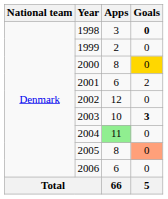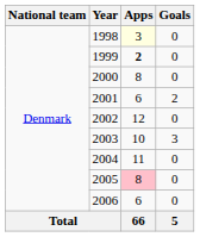 <table class="wikitable" style="text-align:center">
 <tr>
 <th>National team</th>
 <th>Year</th>
 <th>Apps</th>
 <th>Goals</th>
 </tr>
 <tr>
 <td rowspan="9"><a href='#'>Denmark</a></td>
 <td>1998</td>
-<td>3</td>
-<td><strong>0</strong></td>
+<td style="background: lightyellow;">3</td>
+<td>0</td>
 </tr>
 <tr>
 <td>1999</td>
-<td>2</td>
+<td><strong>2</strong></td>
 <td>0</td>
 </tr>
 <tr>
 <td>2000</td>
 <td>8</td>
-<td style="background: gold;">0</td>
+<td>0</td>
 </tr>
 <tr>
 <td>2001</td>
 <td>6</td>
 <td>2</td>
 </tr>
 <tr>
 <td>2002</td>
 <td>12</td>
 <td>0</td>
 </tr>
 <tr>
 <td>2003</td>
 <td>10</td>
-<td><strong>3</strong></td>
+<td>3</td>
 </tr>
 <tr>
 <td>2004</td>
-<td style="background: lightgreen;">11</td>
+<td>11</td>
 <td>0</td>
 </tr>
 <tr>
 <td>2005</td>
-<td>8</td>
-<td style="background: lightsalmon;">0</td>
+<td style="background: pink;">8</td>
+<td>0</td>
 </tr>
 <tr>
 <td>2006</td>
 <td>6</td>
 <td>0</td>
 </tr>
 <tr>
 <th colspan="2">Total</th>
 <th>66</th>
 <th>5</th>
 </tr>
 </table>
